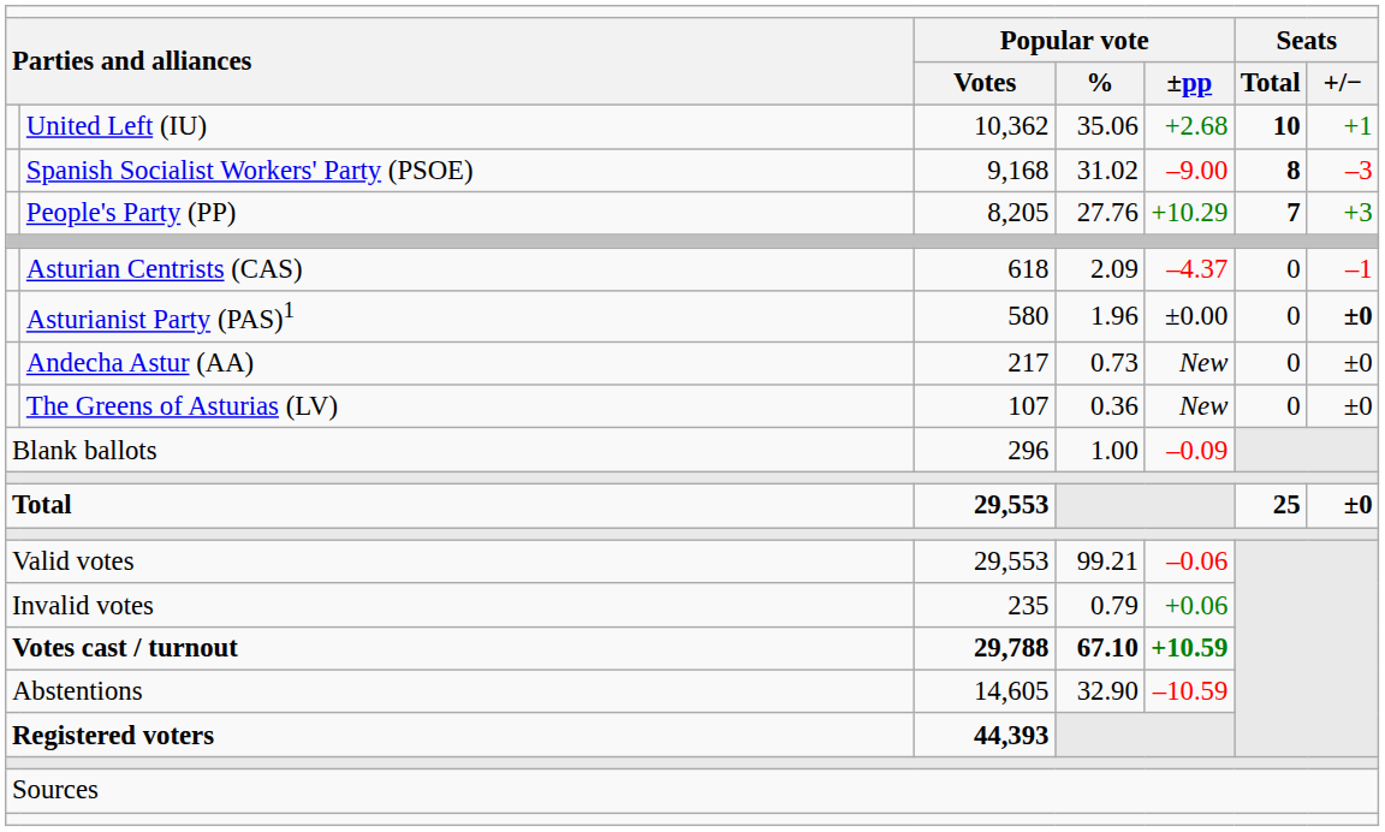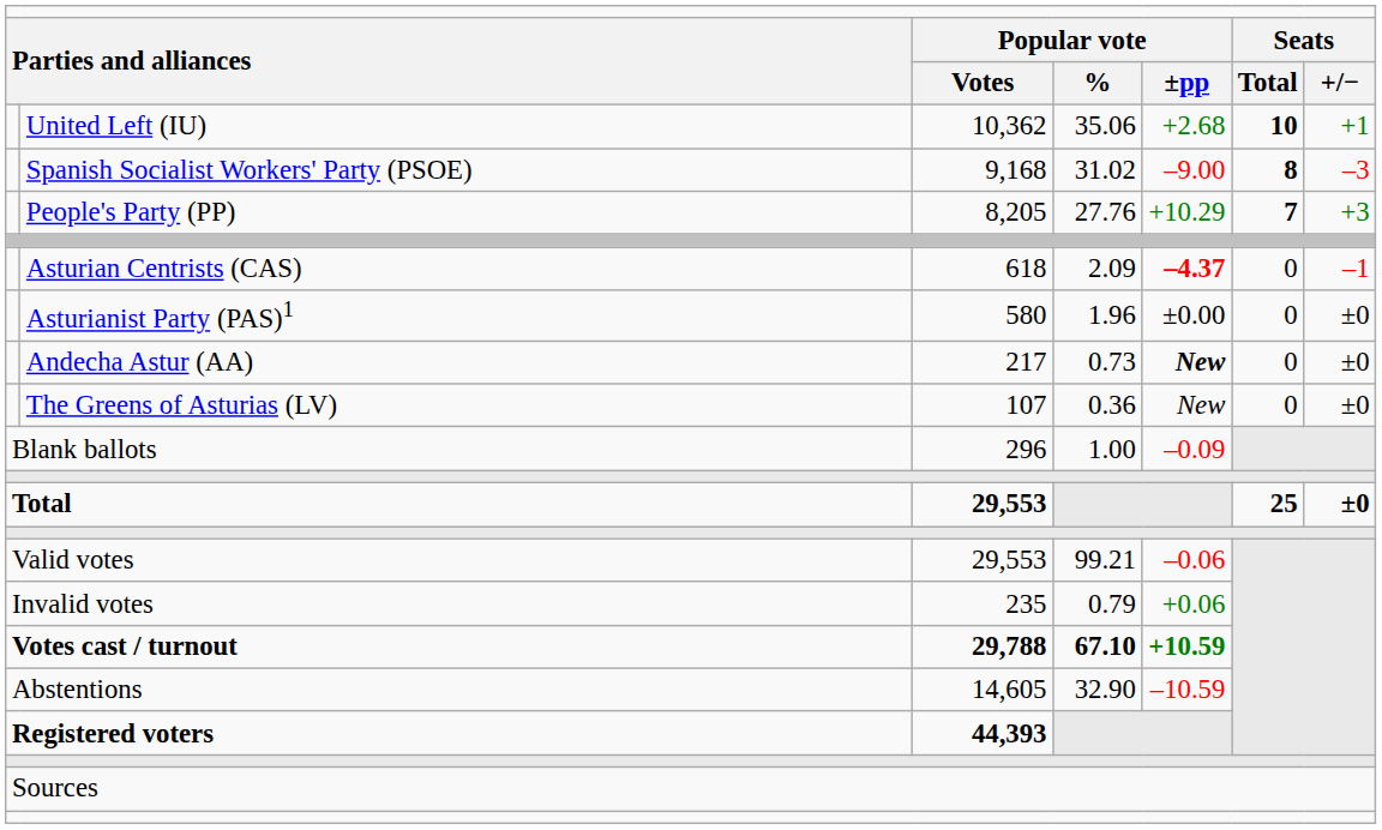 <table class="wikitable" style="text-align:right;">
 <tr>
 <td colspan="7"></td>
 </tr>
 <tr>
 <th style="text-align:left;" rowspan="2" colspan="2" width="525">Parties and alliances</th>
 <th colspan="3">Popular vote</th>
 <th colspan="2">Seats</th>
 </tr>
 <tr>
 <th width="75">Votes</th>
 <th width="45">%</th>
 <th width="45">±<a href='#'>pp</a></th>
 <th width="35">Total</th>
 <th width="35">+/−</th>
 </tr>
 <tr>
 <td width="1" style="color:inherit;background:"></td>
 <td align="left"><a href='#'>United Left</a> (IU)</td>
 <td>10,362</td>
 <td>35.06</td>
 <td style="color:green;">+2.68</td>
 <td><strong>10</strong></td>
 <td style="color:green;">+1</td>
 </tr>
 <tr>
 <td style="color:inherit;background:"></td>
 <td align="left"><a href='#'>Spanish Socialist Workers' Party</a> (PSOE)</td>
 <td>9,168</td>
 <td>31.02</td>
 <td style="color:red;">–9.00</td>
 <td><strong>8</strong></td>
 <td style="color:red;">–3</td>
 </tr>
 <tr>
 <td style="color:inherit;background:"></td>
 <td align="left"><a href='#'>People's Party</a> (PP)</td>
 <td>8,205</td>
 <td>27.76</td>
 <td style="color:green;">+10.29</td>
 <td><strong>7</strong></td>
 <td style="color:green;">+3</td>
 </tr>
 <tr>
 <td colspan="7" bgcolor="#C0C0C0"></td>
 </tr>
 <tr>
 <td style="color:inherit;background:"></td>
 <td align="left"><a href='#'>Asturian Centrists</a> (CAS)</td>
 <td>618</td>
 <td>2.09</td>
-<td style="color:red;">–4.37</td>
+<td style="color:red;"><strong>–4.37</strong></td>
 <td>0</td>
 <td style="color:red;">–1</td>
 </tr>
 <tr>
 <td style="color:inherit;background:"></td>
 <td align="left"><a href='#'>Asturianist Party</a> (PAS)<sup>1</sup></td>
 <td>580</td>
 <td>1.96</td>
 <td>±0.00</td>
 <td>0</td>
-<td><strong>±0</strong></td>
+<td>±0</td>
 </tr>
 <tr>
 <td style="color:inherit;background:"></td>
 <td align="left"><a href='#'>Andecha Astur</a> (AA)</td>
 <td>217</td>
 <td>0.73</td>
-<td><em>New</em></td>
+<td><strong><em>New</em></strong></td>
 <td>0</td>
 <td>±0</td>
 </tr>
 <tr>
 <td style="color:inherit;background:"></td>
 <td align="left"><a href='#'>The Greens of Asturias</a> (LV)</td>
 <td>107</td>
 <td>0.36</td>
 <td><em>New</em></td>
 <td>0</td>
 <td>±0</td>
 </tr>
 <tr>
 <td align="left" colspan="2">Blank ballots</td>
 <td>296</td>
 <td>1.00</td>
 <td style="color:red;">–0.09</td>
 <td bgcolor="#E9E9E9" colspan="2"></td>
 </tr>
 <tr>
 <td colspan="7" bgcolor="#E9E9E9"></td>
 </tr>
 <tr style="font-weight:bold;">
 <td align="left" colspan="2">Total</td>
 <td>29,553</td>
 <td bgcolor="#E9E9E9" colspan="2"></td>
 <td>25</td>
 <td>±0</td>
 </tr>
 <tr>
 <td colspan="7" bgcolor="#E9E9E9"></td>
 </tr>
 <tr>
 <td align="left" colspan="2">Valid votes</td>
 <td>29,553</td>
 <td>99.21</td>
 <td style="color:red;">–0.06</td>
 <td bgcolor="#E9E9E9" colspan="2" rowspan="5"></td>
 </tr>
 <tr>
 <td align="left" colspan="2">Invalid votes</td>
 <td>235</td>
 <td>0.79</td>
 <td style="color:green;">+0.06</td>
 </tr>
 <tr style="font-weight:bold;">
 <td align="left" colspan="2">Votes cast / turnout</td>
 <td>29,788</td>
 <td>67.10</td>
 <td style="color:green;">+10.59</td>
 </tr>
 <tr>
 <td align="left" colspan="2">Abstentions</td>
 <td>14,605</td>
 <td>32.90</td>
 <td style="color:red;">–10.59</td>
 </tr>
 <tr style="font-weight:bold;">
 <td align="left" colspan="2">Registered voters</td>
 <td>44,393</td>
 <td bgcolor="#E9E9E9" colspan="2"></td>
 </tr>
 <tr>
 <td colspan="7" bgcolor="#E9E9E9"></td>
 </tr>
 <tr>
 <td align="left" colspan="7">Sources</td>
 </tr>
 <tr>
 <td colspan="7" style="text-align:left; max-width:790px;"></td>
 </tr>
 </table>
